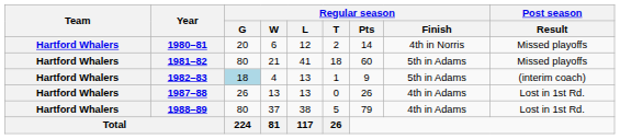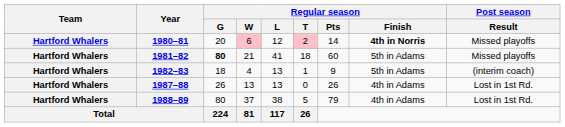 <table class="wikitable" style="font-size: 95%; text-align:center; width:60em;">
 <tr>
 <th rowspan="2">Team</th>
 <th rowspan="2">Year</th>
 <th colspan="6"><a href='#'>Regular season</a></th>
 <th><a href='#'>Post season</a></th>
 </tr>
 <tr>
 <th>G</th>
 <th>W</th>
 <th>L</th>
 <th>T</th>
 <th>Pts</th>
 <th>Finish</th>
 <th>Result</th>
 </tr>
 <tr>
 <th><a href='#'>Hartford Whalers</a></th>
 <th><a href='#'>1980–81</a></th>
 <td>20</td>
-<td>6</td>
+<td style="background: pink;">6</td>
 <td>12</td>
-<td>2</td>
+<td style="background: pink;">2</td>
 <td>14</td>
-<td>4th in Norris</td>
+<td><strong>4th in Norris</strong></td>
 <td>Missed playoffs</td>
 </tr>
 <tr>
 <th>Hartford Whalers</th>
 <th><a href='#'>1981–82</a></th>
-<td>80</td>
+<td><strong>80</strong></td>
 <td>21</td>
 <td>41</td>
 <td>18</td>
 <td>60</td>
 <td>5th in Adams</td>
 <td>Missed playoffs</td>
 </tr>
 <tr>
 <th>Hartford Whalers</th>
 <th><a href='#'>1982–83</a></th>
-<td style="background: lightblue;">18</td>
+<td>18</td>
 <td>4</td>
 <td>13</td>
 <td>1</td>
 <td>9</td>
 <td>5th in Adams</td>
 <td>(interim coach)</td>
 </tr>
 <tr>
 <th>Hartford Whalers</th>
 <th><a href='#'>1987–88</a></th>
 <td>26</td>
 <td>13</td>
 <td>13</td>
 <td>0</td>
 <td>26</td>
 <td>4th in Adams</td>
 <td>Lost in 1st Rd.</td>
 </tr>
 <tr>
 <th>Hartford Whalers</th>
 <th><a href='#'>1988–89</a></th>
 <td>80</td>
 <td>37</td>
 <td>38</td>
 <td>5</td>
 <td>79</td>
 <td>4th in Adams</td>
 <td>Lost in 1st Rd.</td>
 </tr>
 <tr>
 <th colspan="2">Total</th>
 <th>224</th>
 <th>81</th>
 <th>117</th>
 <th>26</th>
 </tr>
 </table>
